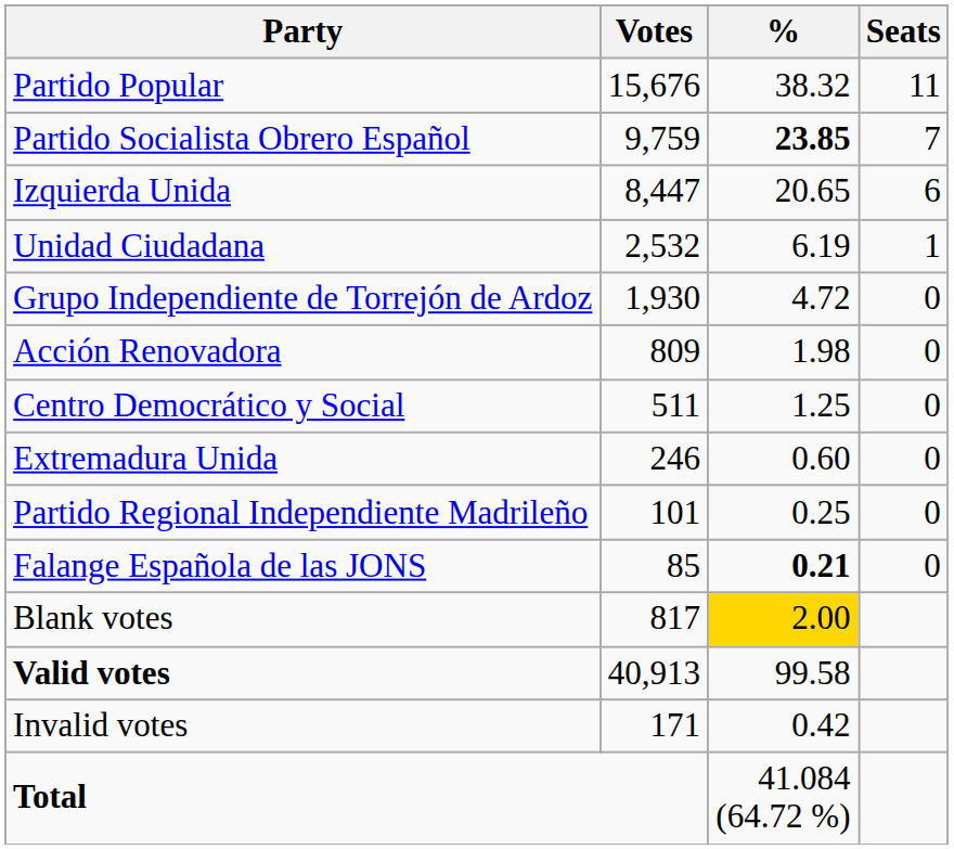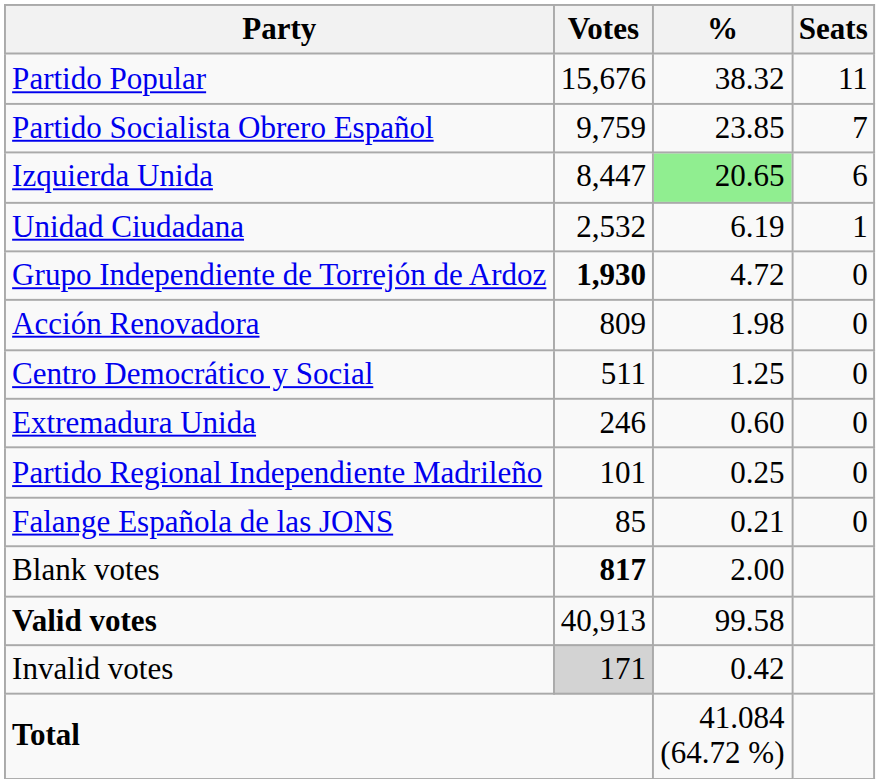 <table class="wikitable" border="1">
 <tr style="background-color:#E9E9E9">
 <th>Party</th>
 <th>Votes</th>
 <th>%</th>
 <th>Seats</th>
 </tr>
 <tr>
 <td><a href='#'>Partido Popular</a></td>
 <td align="right">15,676</td>
 <td align="right">38.32</td>
 <td align="right">11</td>
 </tr>
 <tr>
 <td><a href='#'>Partido Socialista Obrero Español</a></td>
 <td align="right">9,759</td>
-<td align="right"><strong>23.85</strong></td>
+<td align="right">23.85</td>
 <td align="right">7</td>
 </tr>
 <tr>
 <td><a href='#'>Izquierda Unida</a></td>
 <td align="right">8,447</td>
-<td align="right">20.65</td>
+<td align="right" style="background: lightgreen;">20.65</td>
 <td align="right">6</td>
 </tr>
 <tr>
 <td><a href='#'>Unidad Ciudadana</a></td>
 <td align="right">2,532</td>
 <td align="right">6.19</td>
 <td align="right">1</td>
 </tr>
 <tr>
 <td><a href='#'>Grupo Independiente de Torrejón de Ardoz</a></td>
-<td align="right">1,930</td>
+<td align="right"><strong>1,930</strong></td>
 <td align="right">4.72</td>
 <td align="right">0</td>
 </tr>
 <tr>
 <td><a href='#'>Acción Renovadora</a></td>
 <td align="right">809</td>
 <td align="right">1.98</td>
 <td align="right">0</td>
 </tr>
 <tr>
 <td><a href='#'>Centro Democrático y Social</a></td>
 <td align="right">511</td>
 <td align="right">1.25</td>
 <td align="right">0</td>
 </tr>
 <tr>
 <td><a href='#'>Extremadura Unida</a></td>
 <td align="right">246</td>
 <td align="right">0.60</td>
 <td align="right">0</td>
 </tr>
 <tr>
 <td><a href='#'>Partido Regional Independiente Madrileño</a></td>
 <td align="right">101</td>
 <td align="right">0.25</td>
 <td align="right">0</td>
 </tr>
 <tr>
 <td><a href='#'>Falange Española de las JONS</a></td>
 <td align="right">85</td>
-<td align="right"><strong>0.21</strong></td>
+<td align="right">0.21</td>
 <td align="right">0</td>
 </tr>
 <tr>
 <td>Blank votes</td>
-<td align="right">817</td>
-<td align="right" style="background: gold;">2.00</td>
+<td align="right"><strong>817</strong></td>
+<td align="right">2.00</td>
 <td> </td>
 </tr>
 <tr>
 <td><strong>Valid votes</strong></td>
 <td align="right">40,913</td>
 <td align="right">99.58</td>
 <td> </td>
 </tr>
 <tr>
 <td>Invalid votes</td>
-<td align="right">171</td>
+<td align="right" style="background: lightgrey;">171</td>
 <td align="right">0.42</td>
 <td> </td>
 </tr>
 <tr>
 <td colspan="2"><strong>Total</strong></td>
 <td align="right">41.084<br>(64.72 %)</td>
 <td></td>
 </tr>
 </table>
